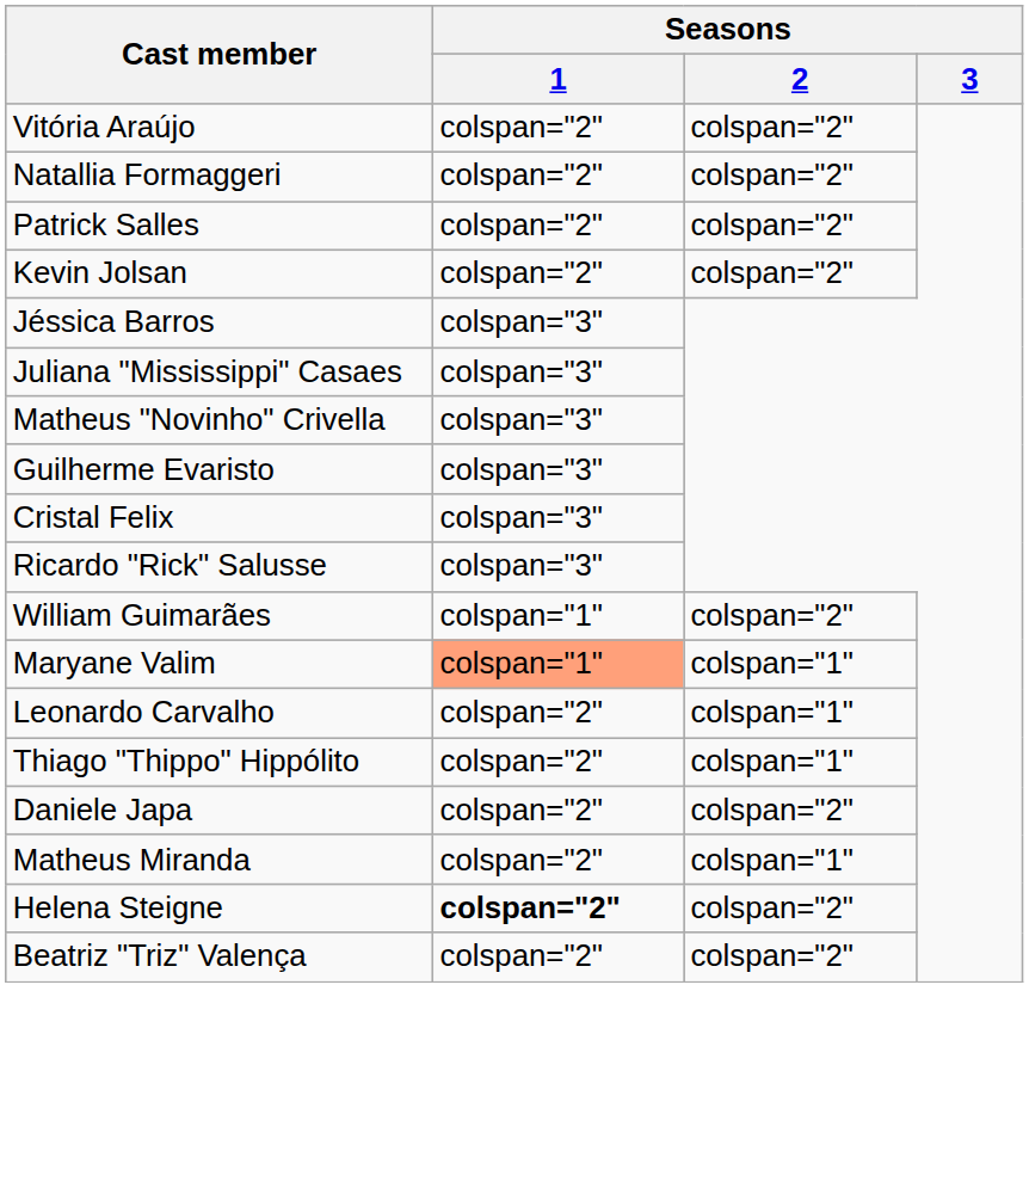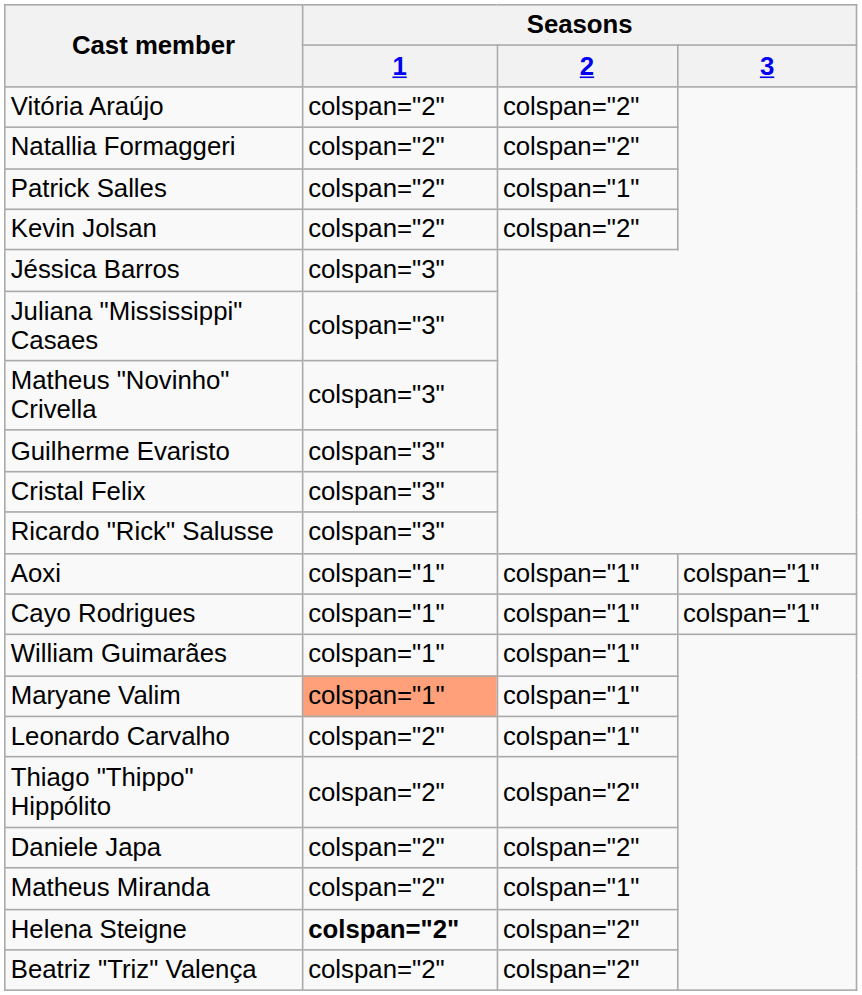 <table class="wikitable plainrowheaders" width="60%">
 <tr>
 <th scope="col" rowspan="2" style="width:20%;">Cast member</th>
 <th colspan="3" scope="col">Seasons</th>
 </tr>
 <tr>
 <th scope="col" style="width:5%;"><a href='#'>1</a></th>
 <th scope="col" style="width:5%;"><a href='#'>2</a></th>
 <th scope="col" style="width:5%;"><a href='#'>3</a></th>
 </tr>
 <tr>
 <td scope="row">Vitória Araújo</td>
 <td>colspan="2" </td>
 <td>colspan="2" </td>
 </tr>
 <tr>
 <td scope="row">Natallia Formaggeri</td>
 <td>colspan="2" </td>
 <td>colspan="2" </td>
 </tr>
 <tr>
 <td scope="row">Patrick Salles</td>
 <td>colspan="2" </td>
-<td>colspan="2" </td>
+<td>colspan="1" </td>
 </tr>
 <tr>
 <td scope="row">Kevin Jolsan</td>
 <td>colspan="2" </td>
 <td>colspan="2" </td>
 </tr>
 <tr>
 <td scope="row">Jéssica Barros</td>
 <td>colspan="3" </td>
 </tr>
 <tr>
 <td scope="row">Juliana "Mississippi" Casaes</td>
 <td>colspan="3" </td>
 </tr>
 <tr>
 <td scope="row">Matheus "Novinho" Crivella</td>
 <td>colspan="3" </td>
 </tr>
 <tr>
 <td scope="row">Guilherme Evaristo</td>
 <td>colspan="3" </td>
 </tr>
 <tr>
 <td scope="row">Cristal Felix</td>
 <td>colspan="3" </td>
 </tr>
 <tr>
 <td scope="row">Ricardo "Rick" Salusse</td>
 <td>colspan="3" </td>
 </tr>
 <tr>
+<td scope="row">Aoxi</td>
+<td>colspan="1" </td>
+<td>colspan="1" </td>
+<td>colspan="1" </td>
+</tr>
+<tr>
+<td scope="row">Cayo Rodrigues</td>
+<td>colspan="1" </td>
+<td>colspan="1" </td>
+<td>colspan="1" </td>
+</tr>
+<tr>
 <td scope="row">William Guimarães</td>
 <td>colspan="1" </td>
-<td>colspan="2" </td>
+<td>colspan="1" </td>
 </tr>
 <tr>
 <td scope="row">Maryane Valim</td>
 <td style="background: lightsalmon;">colspan="1" </td>
 <td>colspan="1" </td>
 </tr>
 <tr>
 <td scope="row">Leonardo Carvalho</td>
 <td>colspan="2" </td>
 <td>colspan="1" </td>
 </tr>
 <tr>
 <td scope="row">Thiago "Thippo" Hippólito</td>
 <td>colspan="2" </td>
-<td>colspan="1" </td>
+<td>colspan="2" </td>
 </tr>
 <tr>
 <td scope="row">Daniele Japa</td>
 <td>colspan="2" </td>
 <td>colspan="2" </td>
 </tr>
 <tr>
 <td scope="row">Matheus Miranda</td>
 <td>colspan="2" </td>
 <td>colspan="1" </td>
 </tr>
 <tr>
 <td scope="row">Helena Steigne</td>
 <td><strong>colspan="2" </strong></td>
 <td>colspan="2" </td>
 </tr>
 <tr>
 <td scope="row">Beatriz "Triz" Valença</td>
 <td>colspan="2" </td>
 <td>colspan="2" </td>
 </tr>
 </table>
